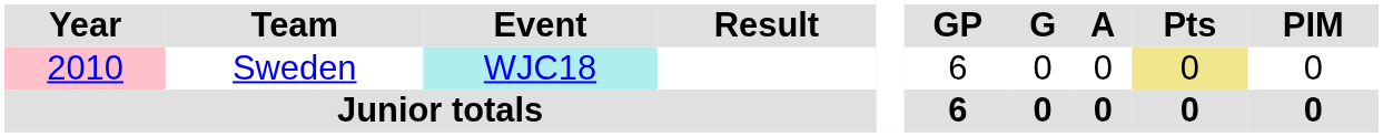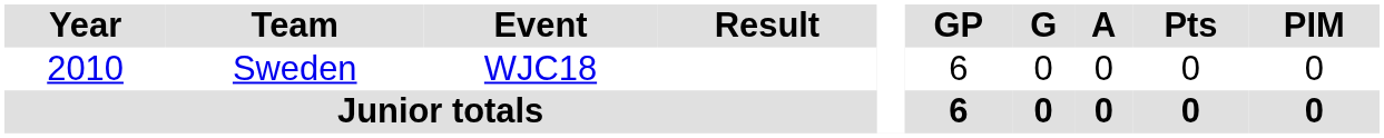 <table border="0" cellpadding="1" cellspacing="0" style="text-align:center; width:40em">
 <tr ALIGN="center" bgcolor="#e0e0e0">
 <th>Year</th>
 <th>Team</th>
 <th>Event</th>
 <th>Result</th>
 <th rowspan="99" bgcolor="#ffffff"> </th>
 <th>GP</th>
 <th>G</th>
 <th>A</th>
 <th>Pts</th>
 <th>PIM</th>
 </tr>
 <tr ALIGN="center">
-<td style="background: pink;"><a href='#'>2010</a></td>
+<td><a href='#'>2010</a></td>
 <td><a href='#'>Sweden</a></td>
-<td style="background: paleturquoise;"><a href='#'>WJC18</a></td>
+<td><a href='#'>WJC18</a></td>
 <td></td>
 <td>6</td>
 <td>0</td>
 <td>0</td>
-<td style="background: khaki;">0</td>
+<td>0</td>
 <td>0</td>
 </tr>
 <tr bgcolor="#e0e0e0">
 <th colspan="4">Junior totals</th>
 <th>6</th>
 <th>0</th>
 <th>0</th>
 <th>0</th>
 <th>0</th>
 </tr>
 </table>
